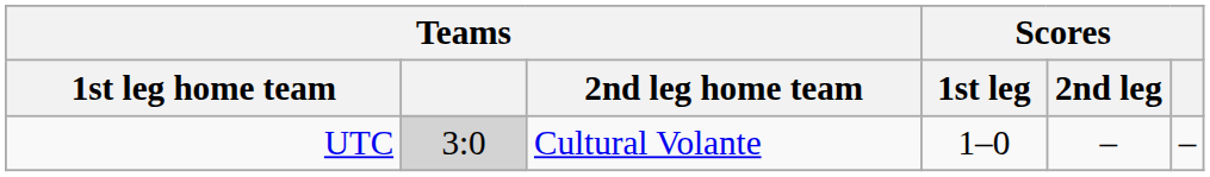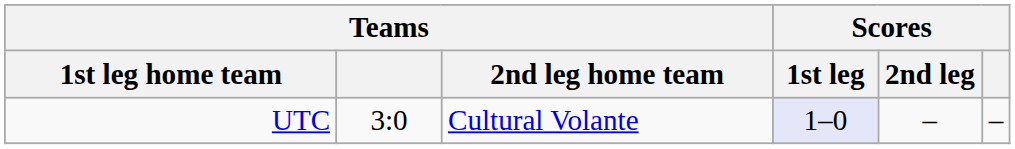 <table class="wikitable" style="text-align: center;">
 <tr>
 <th colspan=3>Teams</th>
 <th colspan=3>Scores</th>
 </tr>
 <tr>
 <th width="175">1st leg home team</th>
 <th width="50"></th>
 <th width="175">2nd leg home team</th>
 <th width="50">1st leg</th>
 <th width="50">2nd leg</th>
 <th></th>
 </tr>
 <tr>
 <td align=right><a href='#'>UTC</a></td>
-<td style="background: lightgrey;">3:0</td>
+<td>3:0</td>
 <td align=left><a href='#'>Cultural Volante</a></td>
-<td>1–0</td>
+<td style="background: lavender;">1–0</td>
 <td>–</td>
 <td>–</td>
 </tr>
 </table>
